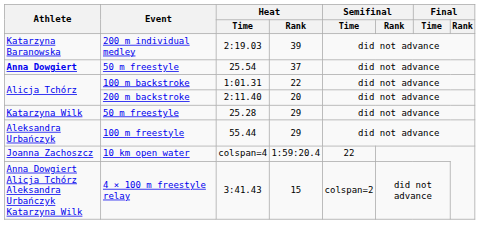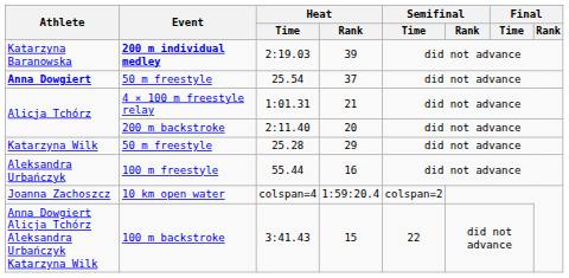 <table class=wikitable style="font-size:90%">
 <tr>
 <th rowspan="2">Athlete</th>
 <th rowspan="2">Event</th>
 <th colspan="2">Heat</th>
 <th colspan="2">Semifinal</th>
 <th colspan="2">Final</th>
 </tr>
 <tr style="font-size:95%">
 <th>Time</th>
 <th>Rank</th>
 <th>Time</th>
 <th>Rank</th>
 <th>Time</th>
 <th>Rank</th>
 </tr>
 <tr align=center>
 <td align=left><a href='#'>Katarzyna Baranowska</a></td>
-<td align=left><a href='#'>200 m individual medley</a></td>
+<td align=left><strong><a href='#'>200 m individual medley</a></strong></td>
 <td>2:19.03</td>
 <td>39</td>
 <td colspan=4>did not advance</td>
 </tr>
 <tr align=center>
 <td align=left><strong><a href='#'>Anna Dowgiert</a></strong></td>
 <td align=left><a href='#'>50 m freestyle</a></td>
 <td>25.54</td>
 <td>37</td>
 <td colspan=4>did not advance</td>
 </tr>
 <tr align=center>
 <td align=left rowspan=2><a href='#'>Alicja Tchórz</a></td>
-<td align=left><a href='#'>100 m backstroke</a></td>
+<td align=left><a href='#'>4 × 100 m freestyle relay</a></td>
 <td>1:01.31</td>
-<td>22</td>
+<td>21</td>
 <td colspan=4>did not advance</td>
 </tr>
 <tr align=center>
 <td align=left><a href='#'>200 m backstroke</a></td>
 <td>2:11.40</td>
 <td>20</td>
 <td colspan=4>did not advance</td>
 </tr>
 <tr align=center>
 <td align=left><a href='#'>Katarzyna Wilk</a></td>
 <td align=left><a href='#'>50 m freestyle</a></td>
 <td>25.28</td>
 <td>29</td>
 <td colspan=4>did not advance</td>
 </tr>
 <tr align=center>
 <td align=left><a href='#'>Aleksandra Urbańczyk</a></td>
 <td align=left><a href='#'>100 m freestyle</a></td>
 <td>55.44</td>
-<td>29</td>
+<td>16</td>
 <td colspan=4>did not advance</td>
 </tr>
 <tr align=center>
 <td align=left><a href='#'>Joanna Zachoszcz</a></td>
 <td align=left><a href='#'>10 km open water</a></td>
 <td>colspan=4 </td>
 <td>1:59:20.4</td>
-<td>22</td>
+<td>colspan=2 </td>
 </tr>
 <tr align=center>
 <td align=left><a href='#'>Anna Dowgiert</a><br><a href='#'>Alicja Tchórz</a><br><a href='#'>Aleksandra Urbańczyk</a><br><a href='#'>Katarzyna Wilk</a></td>
-<td align=left><a href='#'>4 × 100 m freestyle relay</a></td>
+<td align=left><a href='#'>100 m backstroke</a></td>
 <td>3:41.43</td>
 <td>15</td>
-<td>colspan=2 </td>
+<td>22</td>
 <td colspan=2>did not advance</td>
 </tr>
 </table>
